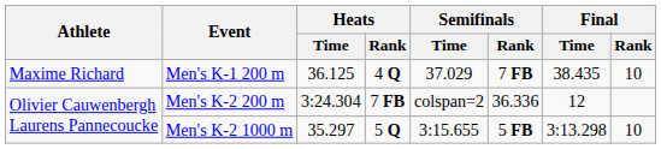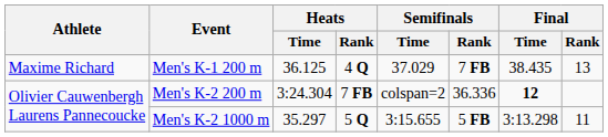 <table class="wikitable" style="font-size:90%">
 <tr>
 <th rowspan="2">Athlete</th>
 <th rowspan="2">Event</th>
 <th colspan=2>Heats</th>
 <th colspan=2>Semifinals</th>
 <th colspan=2>Final</th>
 </tr>
 <tr style="font-size:95%">
 <th>Time</th>
 <th>Rank</th>
 <th>Time</th>
 <th>Rank</th>
 <th>Time</th>
 <th>Rank</th>
 </tr>
 <tr align=center>
 <td align=left><a href='#'>Maxime Richard</a></td>
 <td align=left><a href='#'>Men's K-1 200 m</a></td>
 <td>36.125</td>
 <td>4 <strong>Q</strong></td>
 <td>37.029</td>
 <td>7 <strong>FB</strong></td>
 <td>38.435</td>
-<td>10</td>
+<td>13</td>
 </tr>
 <tr align=center>
 <td align=left rowspan=2><a href='#'>Olivier Cauwenbergh</a><br><a href='#'>Laurens Pannecoucke</a></td>
 <td align=left><a href='#'>Men's K-2 200 m</a></td>
 <td>3:24.304</td>
 <td>7 <strong>FB</strong></td>
 <td>colspan=2 </td>
 <td>36.336</td>
-<td>12</td>
+<td><strong>12</strong></td>
 </tr>
 <tr align=center>
 <td align=left><a href='#'>Men's K-2 1000 m</a></td>
 <td>35.297</td>
 <td>5 <strong>Q</strong></td>
 <td>3:15.655</td>
 <td>5 <strong>FB</strong></td>
 <td>3:13.298</td>
-<td>10</td>
+<td>11</td>
 </tr>
 </table>
